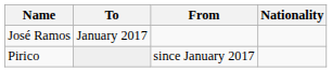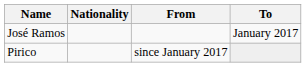 <table class="wikitable sortable">
 <tr>
 <th>Name</th>
+<th>Nationality</th>
+<th>From</th>
 <th class="unsortable">To</th>
-<th>From</th>
-<th>Nationality</th>
 </tr>
 <tr>
 <td>José Ramos</td>
-<td>January 2017</td>
 <td></td>
 <td></td>
+<td>January 2017</td>
 </tr>
 <tr>
 <td>Pirico</td>
+<td></td>
+<td>since January 2017</td>
 <td bgcolor="#EFEFEF"></td>
-<td>since January 2017</td>
-<td></td>
 </tr>
 </table>
